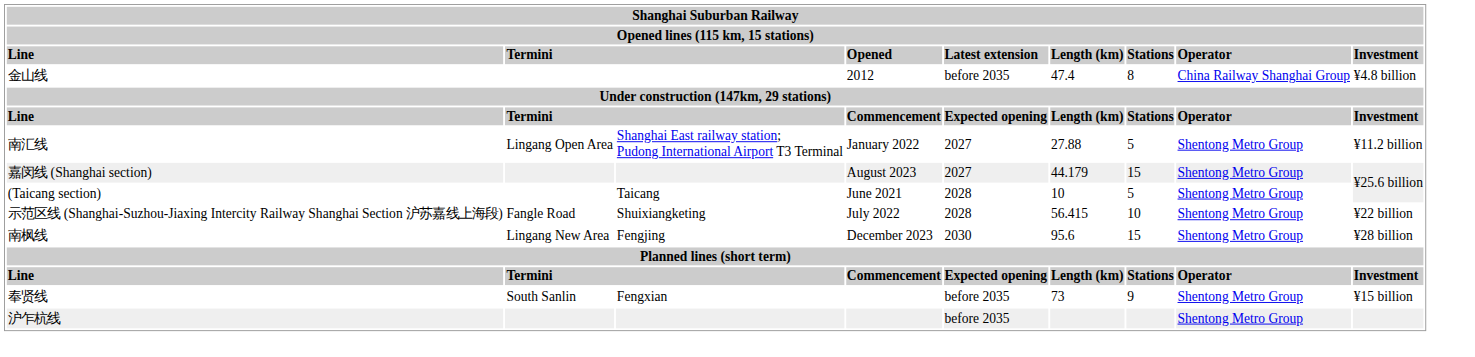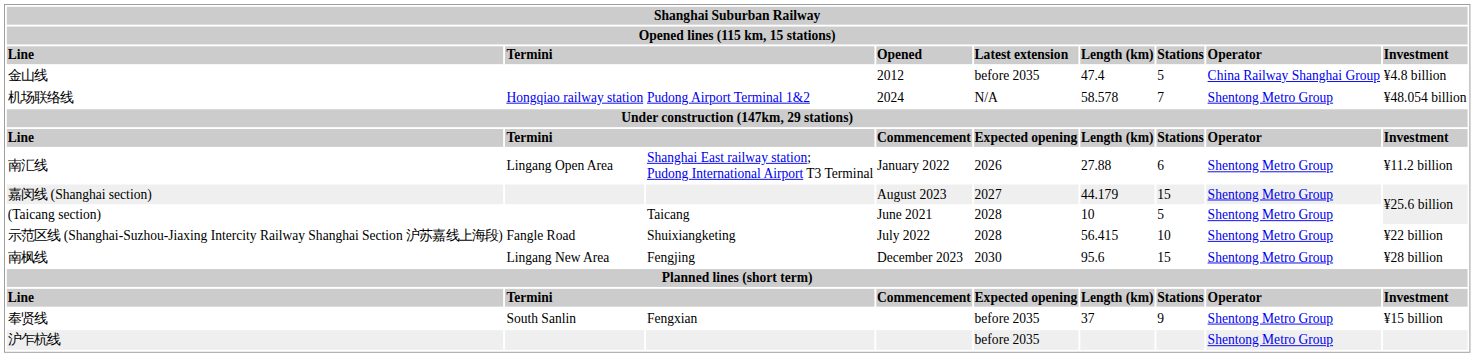 <table border=0 style="border:1px solid #999;background-color:white;text-align:left;font-size:90%" class="mw-collapsible">
 <tr>
 <th colspan="9" style="text-align: center" bgcolor=#cccccc>Shanghai Suburban Railway</th>
 </tr>
 <tr bgcolor=#cccccc>
 <th colspan="9" style="text-align: center">Opened lines (115 km, 15 stations)</th>
 </tr>
 <tr bgcolor=#cccccc>
 <th>Line</th>
 <th colspan="2">Termini</th>
 <th>Opened</th>
 <th>Latest extension</th>
 <th>Length (km)</th>
 <th>Stations</th>
 <th>Operator</th>
 <th>Investment</th>
 </tr>
 <tr>
 <td> 金山线</td>
 <td></td>
 <td></td>
 <td>2012</td>
 <td>before 2035</td>
 <td>47.4</td>
-<td>8</td>
+<td>5</td>
 <td><a href='#'>China Railway Shanghai Group</a></td>
 <td>¥4.8 billion</td>
+</tr>
+<tr>
+<td> 机场联络线</td>
+<td><a href='#'>Hongqiao railway station</a></td>
+<td><a href='#'>Pudong Airport Terminal 1&2</a></td>
+<td>2024</td>
+<td>N/A</td>
+<td>58.578</td>
+<td>7</td>
+<td> <a href='#'>Shentong Metro Group</a></td>
+<td>¥48.054 billion</td>
 </tr>
 <tr bgcolor=#cccccc>
 <th colspan="9" style="text-align: center">Under construction (147km, 29 stations)</th>
 </tr>
 <tr bgcolor=#cccccc>
 <th>Line</th>
 <th colspan="2">Termini</th>
 <th>Commencement</th>
 <th>Expected opening</th>
 <th>Length (km)</th>
 <th>Stations</th>
 <th>Operator</th>
 <th>Investment</th>
 </tr>
 <tr>
 <td> 南汇线</td>
 <td>Lingang Open Area</td>
 <td><a href='#'>Shanghai East railway station</a>;<br> <a href='#'>Pudong International Airport</a> T3 Terminal</td>
 <td>January 2022</td>
-<td>2027</td>
+<td>2026</td>
 <td>27.88</td>
-<td>5</td>
+<td>6</td>
 <td> <a href='#'>Shentong Metro Group</a></td>
 <td>¥11.2 billion</td>
 </tr>
 <tr bgcolor="#EFEFEF">
 <td> 嘉闵线 (Shanghai section)</td>
 <td></td>
 <td></td>
 <td>August 2023</td>
 <td>2027</td>
 <td>44.179</td>
 <td>15</td>
 <td> <a href='#'>Shentong Metro Group</a></td>
 <td rowspan="2">¥25.6 billion</td>
 </tr>
 <tr>
 <td> (Taicang section)</td>
 <td></td>
 <td>Taicang</td>
 <td>June 2021</td>
 <td>2028</td>
 <td>10</td>
 <td>5</td>
 <td> <a href='#'>Shentong Metro Group</a></td>
 </tr>
 <tr>
 <td> 示范区线 (Shanghai-Suzhou-Jiaxing Intercity Railway Shanghai Section 沪苏嘉线上海段)</td>
 <td>Fangle Road</td>
 <td>Shuixiangketing</td>
 <td>July 2022</td>
 <td>2028</td>
 <td>56.415</td>
 <td>10</td>
 <td> <a href='#'>Shentong Metro Group</a></td>
 <td>¥22 billion</td>
 </tr>
 <tr>
 <td> 南枫线</td>
 <td>Lingang New Area</td>
 <td>Fengjing</td>
 <td>December 2023</td>
 <td>2030</td>
 <td>95.6</td>
 <td>15</td>
 <td> <a href='#'>Shentong Metro Group</a></td>
 <td>¥28 billion</td>
 </tr>
 <tr bgcolor=#cccccc>
 <th colspan="9" style="text-align: center">Planned lines (short term)</th>
 </tr>
 <tr bgcolor=#cccccc>
 <th>Line</th>
 <th colspan="2">Termini</th>
 <th>Commencement</th>
 <th>Expected opening</th>
 <th>Length (km)</th>
 <th>Stations</th>
 <th>Operator</th>
 <th>Investment</th>
 </tr>
 <tr>
 <td> 奉贤线</td>
 <td>South Sanlin</td>
 <td>Fengxian</td>
 <td></td>
 <td>before 2035</td>
-<td>73</td>
+<td>37</td>
 <td>9</td>
 <td> <a href='#'>Shentong Metro Group</a></td>
 <td>¥15 billion</td>
 </tr>
 <tr bgcolor="#EFEFEF">
 <td> 沪乍杭线</td>
 <td></td>
 <td></td>
 <td></td>
 <td>before 2035</td>
 <td></td>
 <td></td>
 <td> <a href='#'>Shentong Metro Group</a></td>
 <td></td>
 </tr>
 </table>
